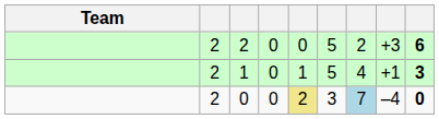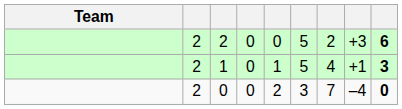 <table class="wikitable" style="text-align: center;">
 <tr>
 <th width="175">Team</th>
 <th width="20"></th>
 <th width="20"></th>
 <th width="20"></th>
 <th width="20"></th>
 <th width="20"></th>
 <th width="20"></th>
 <th width="20"></th>
 <th width="20"></th>
 </tr>
 <tr bgcolor=ccffcc>
 <td align=left></td>
 <td>2</td>
 <td>2</td>
 <td>0</td>
 <td>0</td>
 <td>5</td>
 <td>2</td>
 <td>+3</td>
 <td><strong>6</strong></td>
 </tr>
 <tr bgcolor=ccffcc>
 <td align=left></td>
 <td>2</td>
 <td>1</td>
 <td>0</td>
 <td>1</td>
 <td>5</td>
 <td>4</td>
 <td>+1</td>
 <td><strong>3</strong></td>
 </tr>
 <tr>
 <td align=left></td>
 <td>2</td>
 <td>0</td>
 <td>0</td>
-<td style="background: khaki;">2</td>
+<td>2</td>
 <td>3</td>
-<td style="background: lightblue;">7</td>
+<td>7</td>
 <td>–4</td>
 <td><strong>0</strong></td>
 </tr>
 </table>
